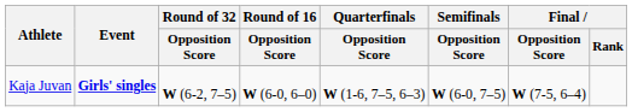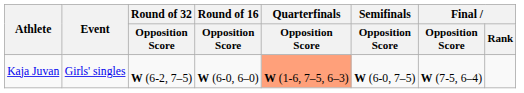 <table class=wikitable style="font-size:90%">
 <tr>
 <th rowspan=2>Athlete</th>
 <th rowspan=2>Event</th>
 <th>Round of 32</th>
 <th>Round of 16</th>
 <th>Quarterfinals</th>
 <th>Semifinals</th>
 <th colspan=2>Final / </th>
 </tr>
 <tr style="font-size:95%">
 <th>Opposition<br>Score</th>
 <th>Opposition<br>Score</th>
 <th>Opposition<br>Score</th>
 <th>Opposition<br>Score</th>
 <th>Opposition<br>Score</th>
 <th>Rank</th>
 </tr>
 <tr align=center>
 <td align=left><a href='#'>Kaja Juvan</a></td>
-<td align=left><strong><a href='#'>Girls' singles</a></strong></td>
+<td align=left><a href='#'>Girls' singles</a></td>
 <td> <br> <strong>W</strong> (6-2, 7–5)</td>
 <td><br> <strong>W</strong> (6-0, 6–0)</td>
-<td><br> <strong>W</strong> (1-6, 7–5, 6–3)</td>
+<td style="background: lightsalmon;"><br> <strong>W</strong> (1-6, 7–5, 6–3)</td>
 <td><br> <strong>W</strong> (6-0, 7–5)</td>
 <td><br> <strong>W</strong> (7-5, 6–4)</td>
 <td></td>
 </tr>
 </table>
